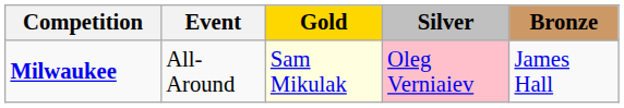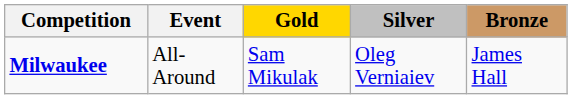 <table class="wikitable" style="width:70%;">
 <tr>
 <th style="text-align:center; width:5%;">Competition</th>
 <th style="text-align:center; width:5%;">Event</th>
 <td style="text-align:center; width:6%; background:gold;"><strong>Gold</strong></td>
 <td style="text-align:center; width:6%; background:silver;"><strong>Silver</strong></td>
 <td style="text-align:center; width:6%; background:#c96;"><strong>Bronze</strong></td>
 </tr>
 <tr>
 <td><strong><a href='#'>Milwaukee</a></strong></td>
 <td>All-Around</td>
-<td style="background: lightyellow;"> <a href='#'>Sam Mikulak</a></td>
-<td style="background: pink;"> <a href='#'>Oleg Verniaiev</a></td>
+<td> <a href='#'>Sam Mikulak</a></td>
+<td> <a href='#'>Oleg Verniaiev</a></td>
 <td> <a href='#'>James Hall</a></td>
 </tr>
 </table>
